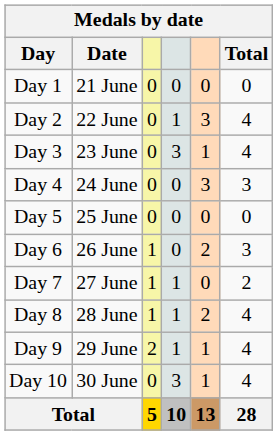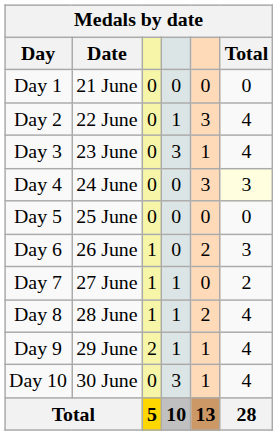 <table class=wikitable style="text-align:center;font-size:85%;float:right;clear:right;">
 <tr bgcolor=efefef>
 <th colspan=6><strong>Medals by date</strong></th>
 </tr>
 <tr>
 <th>Day</th>
 <th>Date</th>
 <td bgcolor=#f7f6a8></td>
 <td bgcolor=#dce5e5></td>
 <td bgcolor=#ffdab9></td>
 <th>Total</th>
 </tr>
 <tr>
 <td>Day 1</td>
 <td>21 June</td>
 <td bgcolor=F7F6A8>0</td>
 <td bgcolor=DCE5E5>0</td>
 <td bgcolor=FFDAB9>0</td>
 <td>0</td>
 </tr>
 <tr>
 <td>Day 2</td>
 <td>22 June</td>
 <td bgcolor=F7F6A8>0</td>
 <td bgcolor=DCE5E5>1</td>
 <td bgcolor=FFDAB9>3</td>
 <td>4</td>
 </tr>
 <tr>
 <td>Day 3</td>
 <td>23 June</td>
 <td bgcolor=F7F6A8>0</td>
 <td bgcolor=DCE5E5>3</td>
 <td bgcolor=FFDAB9>1</td>
 <td>4</td>
 </tr>
 <tr>
 <td>Day 4</td>
 <td>24 June</td>
 <td bgcolor=F7F6A8>0</td>
 <td bgcolor=DCE5E5>0</td>
 <td bgcolor=FFDAB9>3</td>
-<td>3</td>
+<td style="background: lightyellow;">3</td>
 </tr>
 <tr>
 <td>Day 5</td>
 <td>25 June</td>
 <td bgcolor=F7F6A8>0</td>
 <td bgcolor=DCE5E5>0</td>
 <td bgcolor=FFDAB9>0</td>
 <td>0</td>
 </tr>
 <tr>
 <td>Day 6</td>
 <td>26 June</td>
 <td bgcolor=F7F6A8>1</td>
 <td bgcolor=DCE5E5>0</td>
 <td bgcolor=FFDAB9>2</td>
 <td>3</td>
 </tr>
 <tr>
 <td>Day 7</td>
 <td>27 June</td>
 <td bgcolor=F7F6A8>1</td>
 <td bgcolor=DCE5E5>1</td>
 <td bgcolor=FFDAB9>0</td>
 <td>2</td>
 </tr>
 <tr>
 <td>Day 8</td>
 <td>28 June</td>
 <td bgcolor=F7F6A8>1</td>
 <td bgcolor=DCE5E5>1</td>
 <td bgcolor=FFDAB9>2</td>
 <td>4</td>
 </tr>
 <tr>
 <td>Day 9</td>
 <td>29 June</td>
 <td bgcolor=F7F6A8>2</td>
 <td bgcolor=DCE5E5>1</td>
 <td bgcolor=FFDAB9>1</td>
 <td>4</td>
 </tr>
 <tr>
 <td>Day 10</td>
 <td>30 June</td>
 <td bgcolor=F7F6A8>0</td>
 <td bgcolor=DCE5E5>3</td>
 <td bgcolor=FFDAB9>1</td>
 <td>4</td>
 </tr>
 <tr>
 <th colspan=2>Total</th>
 <th style="background:gold">5</th>
 <th style="background:silver">10</th>
 <th style="background:#c96">13</th>
 <th>28</th>
 </tr>
 </table>
